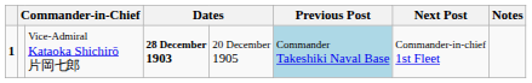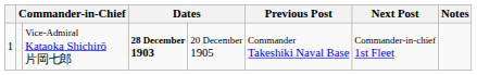 <table class=wikitable>
 <tr>
 <th></th>
 <th colspan="2">Commander-in-Chief</th>
 <th colspan="2">Dates</th>
 <th>Previous Post</th>
 <th>Next Post</th>
 <th>Notes</th>
 </tr>
 <tr>
-<td><strong>1</strong></td>
+<td>1</td>
 <td></td>
 <td><small>Vice-Admiral</small><br><a href='#'>Kataoka Shichirō</a><br>片岡七郎</td>
 <td><strong><small>28 December</small><br>1903</strong></td>
 <td><small>20 December</small><br>1905</td>
-<td style="background: lightblue;"><small>Commander</small><br><a href='#'>Takeshiki Naval Base</a></td>
+<td><small>Commander</small><br><a href='#'>Takeshiki Naval Base</a></td>
 <td><small>Commander-in-chief</small><br><a href='#'>1st Fleet</a></td>
 <td></td>
 </tr>
 </table>
